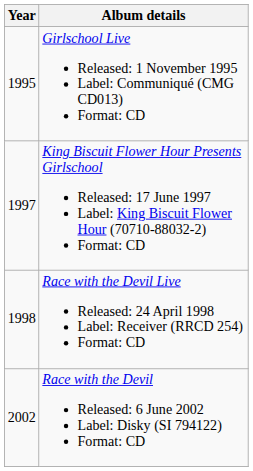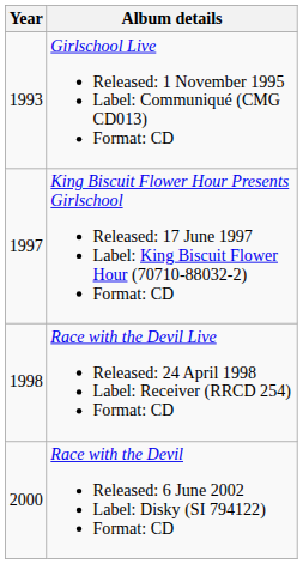 <table class="wikitable">
 <tr>
 <th>Year</th>
 <th style="width:230px;">Album details</th>
 </tr>
 <tr>
-<td>1995</td>
+<td>1993</td>
 <td><em><a href='#'>Girlschool Live</a></em><br><ul><li>Released: 1 November 1995</li><li>Label: Communiqué (CMG CD013)</li><li>Format: CD</li></ul></td>
 </tr>
 <tr>
 <td>1997</td>
 <td><em><a href='#'>King Biscuit Flower Hour Presents Girlschool</a></em><br><ul><li>Released: 17 June 1997</li><li>Label: <a href='#'>King Biscuit Flower Hour</a> (70710-88032-2)</li><li>Format: CD</li></ul></td>
 </tr>
 <tr>
 <td>1998</td>
 <td><em><a href='#'>Race with the Devil Live</a></em><br><ul><li>Released: 24 April 1998</li><li>Label: Receiver (RRCD 254)</li><li>Format: CD</li></ul></td>
 </tr>
 <tr>
-<td>2002</td>
+<td>2000</td>
 <td><em><a href='#'>Race with the Devil</a></em><br><ul><li>Released: 6 June 2002</li><li>Label: Disky (SI 794122)</li><li>Format: CD</li></ul></td>
 </tr>
 </table>
